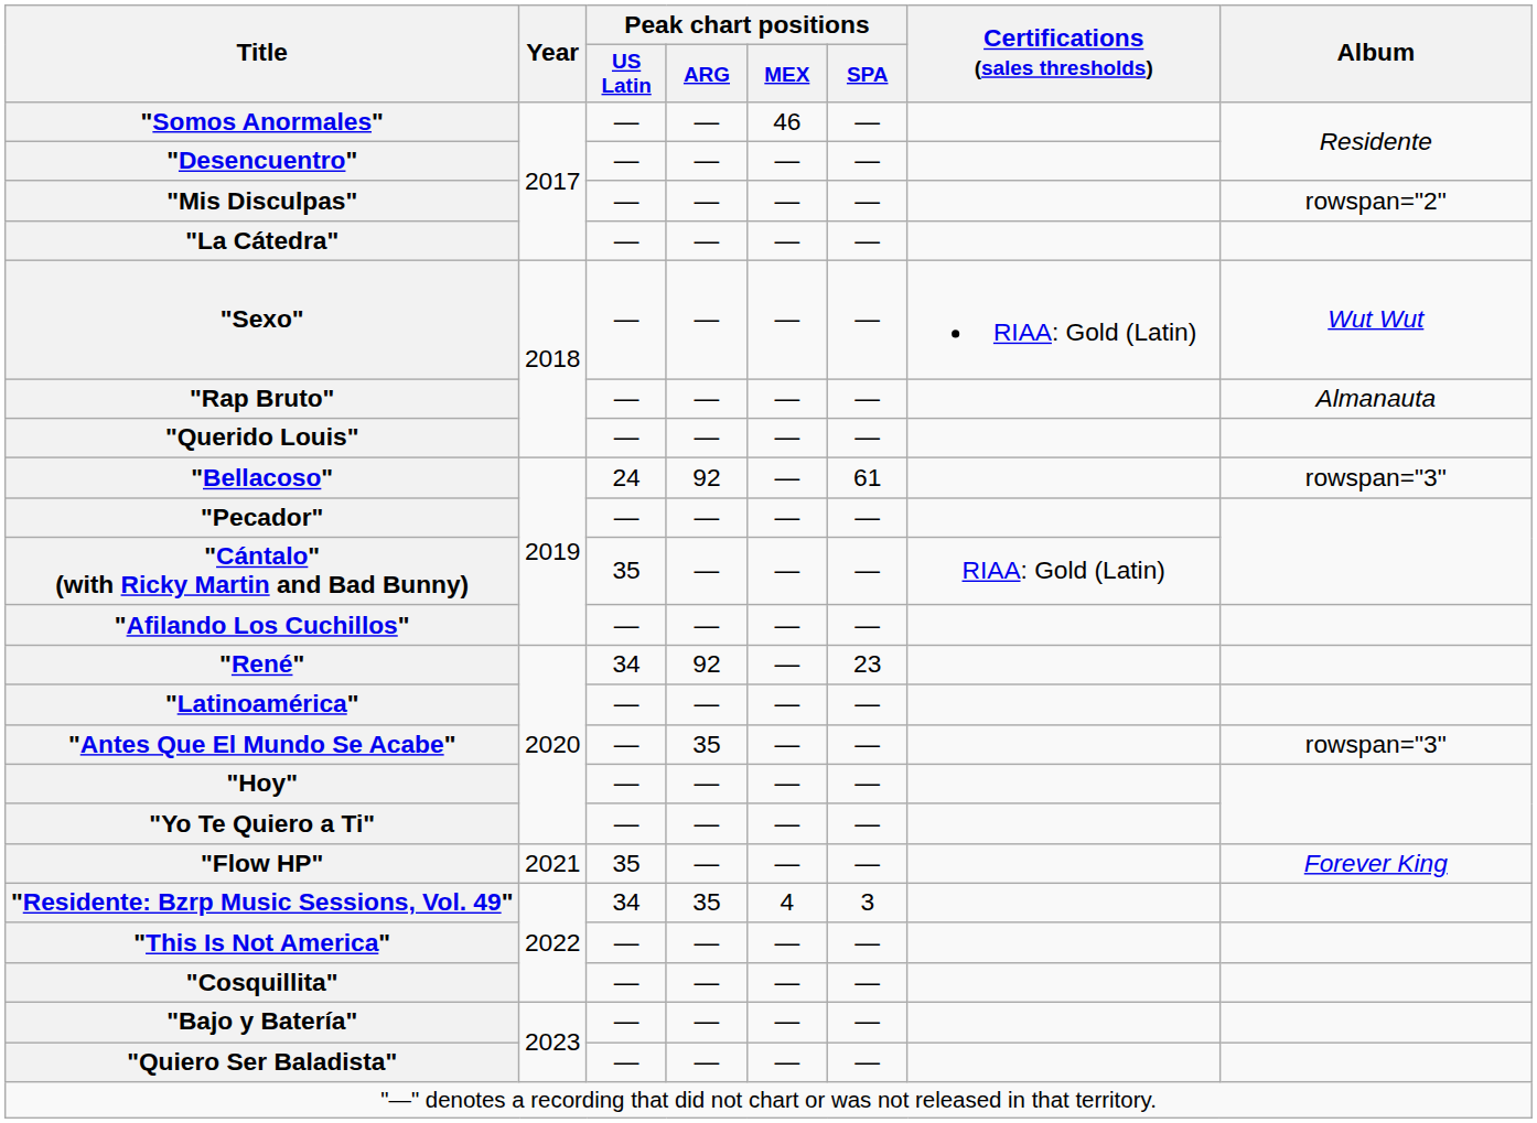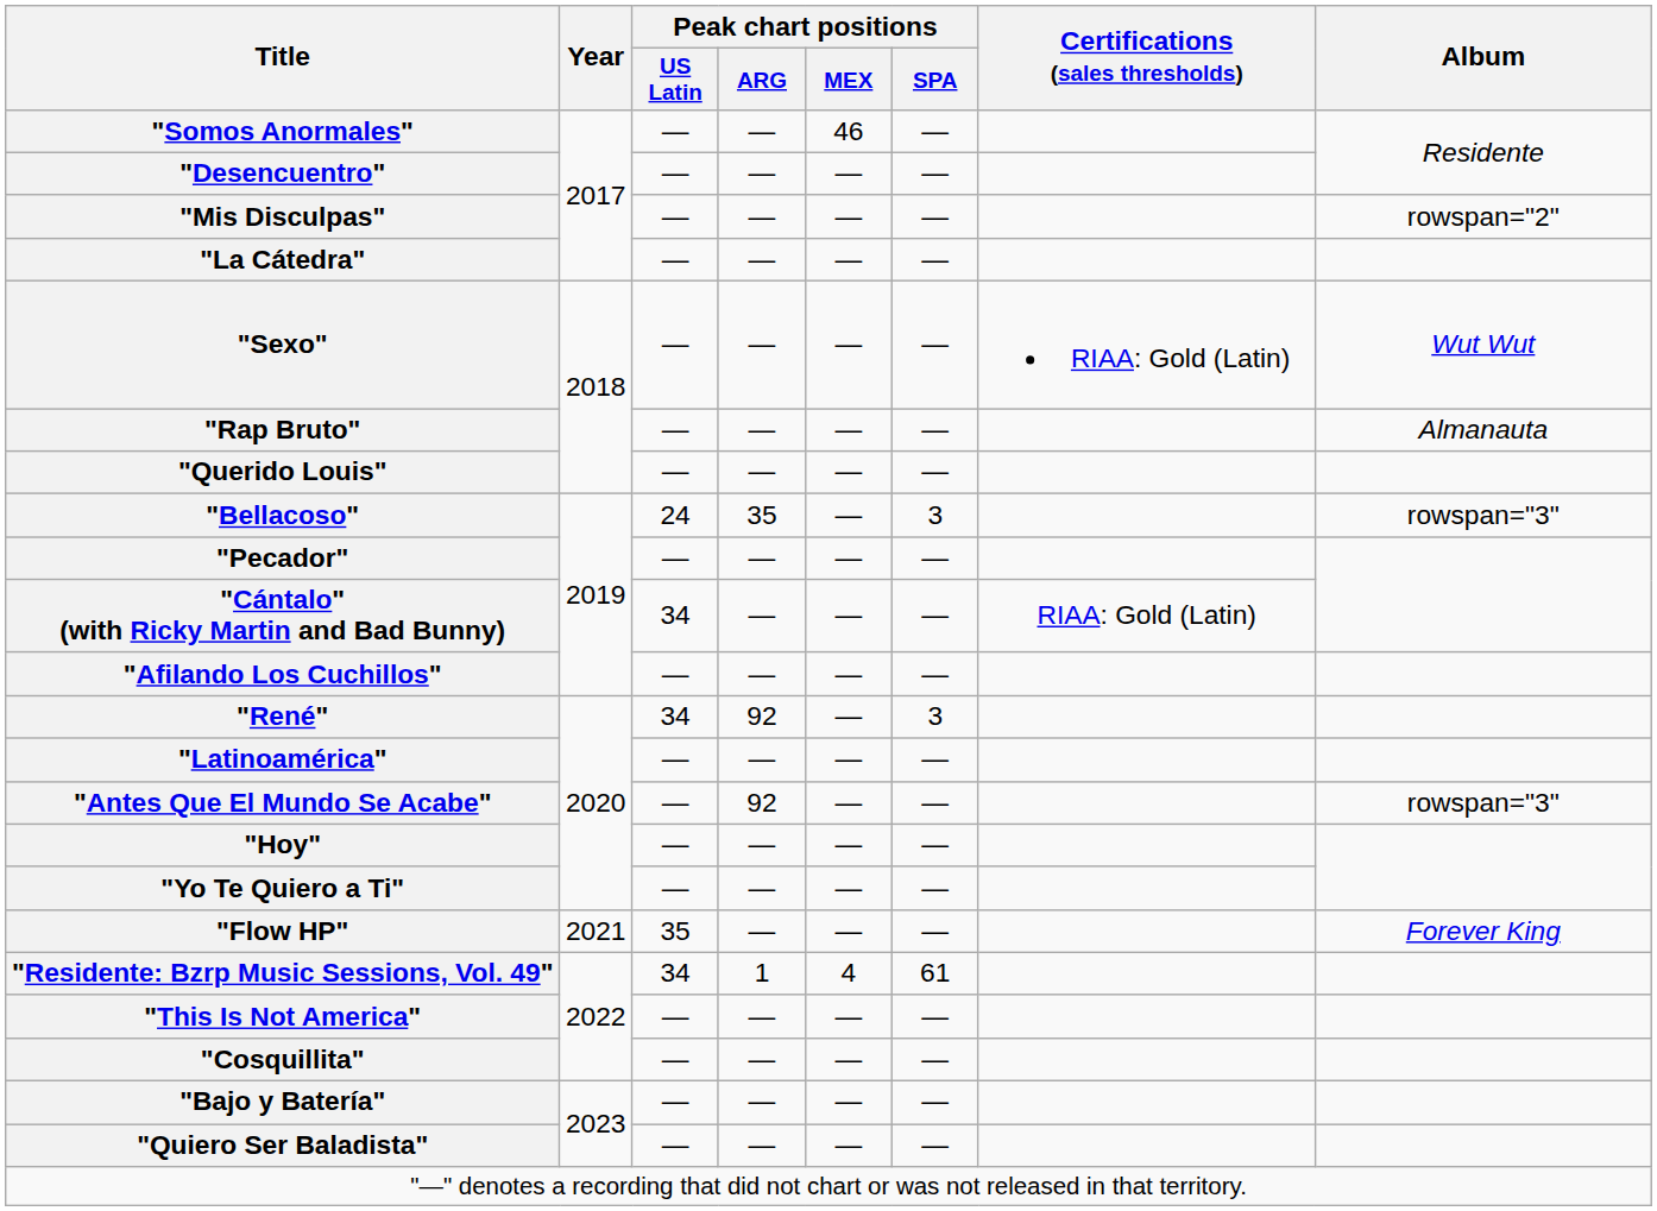 <table class="wikitable plainrowheaders" style="text-align:center;">
 <tr>
 <th rowspan="2" style="width:25,5em;">Title</th>
 <th rowspan="2" style="width:1em;">Year</th>
 <th colspan="4" style="width:2em;">Peak chart positions</th>
 <th scope="col" rowspan="2" style="width:12em;"><a href='#'>Certifications</a><br><small>(<a href='#'>sales thresholds</a>)</small></th>
 <th rowspan="2" style="width:12em;">Album</th>
 </tr>
 <tr style="font-size:smaller;">
 <th scope="col" style="width:45px;"><a href='#'>US<br>Latin</a><br></th>
 <th scope="col" style="width:45px;"><a href='#'>ARG</a><br></th>
 <th scope="col" style="width:45px;"><a href='#'>MEX</a><br></th>
 <th scope="col" style="width:45px;"><a href='#'>SPA</a><br></th>
 </tr>
 <tr>
 <th scope="row">"<a href='#'>Somos Anormales</a>"</th>
 <td rowspan="4">2017</td>
 <td>—</td>
 <td>—</td>
 <td>46</td>
 <td>—</td>
 <td></td>
 <td rowspan="2"><em>Residente</em></td>
 </tr>
 <tr>
 <th scope="row">"<a href='#'>Desencuentro</a>"<br></th>
 <td>—</td>
 <td>—</td>
 <td>—</td>
 <td>—</td>
 <td></td>
 </tr>
 <tr>
 <th scope="row">"Mis Disculpas"</th>
 <td>—</td>
 <td>—</td>
 <td>—</td>
 <td>—</td>
 <td></td>
 <td>rowspan="2" </td>
 </tr>
 <tr>
 <th scope="row">"La Cátedra"</th>
 <td>—</td>
 <td>—</td>
 <td>—</td>
 <td>—</td>
 <td></td>
 </tr>
 <tr>
 <th scope="row">"Sexo"<br></th>
 <td rowspan="3">2018</td>
 <td>—</td>
 <td>—</td>
 <td>—</td>
 <td>—</td>
 <td><br><ul><li><a href='#'>RIAA</a>: Gold (Latin)</li></ul></td>
 <td><em><a href='#'>Wut Wut</a></em></td>
 </tr>
 <tr>
 <th scope="row">"Rap Bruto"<br></th>
 <td>—</td>
 <td>—</td>
 <td>—</td>
 <td>—</td>
 <td></td>
 <td><em>Almanauta</em></td>
 </tr>
 <tr>
 <th scope="row">"Querido Louis"<br></th>
 <td>—</td>
 <td>—</td>
 <td>—</td>
 <td>—</td>
 <td></td>
 <td></td>
 </tr>
 <tr>
 <th scope="row">"<a href='#'>Bellacoso</a>"<br></th>
 <td rowspan="4">2019</td>
 <td>24</td>
-<td>92</td>
+<td>35</td>
 <td>—</td>
-<td>61</td>
+<td>3<br></td>
 <td></td>
 <td>rowspan="3" </td>
 </tr>
 <tr>
 <th scope="row">"Pecador"</th>
 <td>—</td>
 <td>—</td>
 <td>—</td>
 <td>—</td>
 <td></td>
 </tr>
 <tr>
 <th scope="row">"<a href='#'>Cántalo</a>"<br><span>(with <a href='#'>Ricky Martin</a> and Bad Bunny)</span></th>
-<td>35</td>
+<td>34</td>
 <td>—</td>
 <td>—</td>
 <td>—</td>
 <td><a href='#'>RIAA</a>: Gold (Latin)</td>
 </tr>
 <tr>
 <th scope="row">"<a href='#'>Afilando Los Cuchillos</a>"<br></th>
 <td>—</td>
 <td>—</td>
 <td>—</td>
 <td>—</td>
 <td></td>
 <td></td>
 </tr>
 <tr>
 <th scope="row">"<a href='#'>René</a>"</th>
 <td rowspan="5">2020</td>
 <td>34</td>
 <td>92</td>
 <td>—</td>
-<td>23<br></td>
+<td>3<br></td>
 <td></td>
 <td></td>
 </tr>
 <tr>
 <th scope="row">"<a href='#'>Latinoamérica</a>"<br></th>
 <td>—</td>
 <td>—</td>
 <td>—</td>
 <td>—</td>
 <td></td>
 <td></td>
 </tr>
 <tr>
 <th scope="row">"<a href='#'>Antes Que El Mundo Se Acabe</a>"</th>
 <td>—</td>
-<td>35</td>
+<td>92</td>
 <td>—</td>
 <td>—</td>
 <td></td>
 <td>rowspan="3" </td>
 </tr>
 <tr>
 <th scope="row">"Hoy"</th>
 <td>—</td>
 <td>—</td>
 <td>—</td>
 <td>—</td>
 <td></td>
 </tr>
 <tr>
 <th scope="row">"Yo Te Quiero a Ti"</th>
 <td>—</td>
 <td>—</td>
 <td>—</td>
 <td>—</td>
 <td></td>
 </tr>
 <tr>
 <th scope="row">"Flow HP"<br></th>
 <td>2021</td>
 <td>35</td>
 <td>—</td>
 <td>—</td>
 <td>—</td>
 <td></td>
 <td><em><a href='#'>Forever King</a></em></td>
 </tr>
 <tr>
 <th scope="row">"<a href='#'>Residente: Bzrp Music Sessions, Vol. 49</a>"<br></th>
 <td rowspan="3">2022</td>
 <td>34</td>
-<td>35</td>
+<td>1</td>
 <td>4<br></td>
-<td>3<br></td>
+<td>61</td>
 <td></td>
 <td></td>
 </tr>
 <tr>
 <th scope="row">"<a href='#'>This Is Not America</a>"<br></th>
 <td>—</td>
 <td>—</td>
 <td>—</td>
 <td>—</td>
 <td></td>
 <td></td>
 </tr>
 <tr>
 <th scope="row">"Cosquillita"</th>
 <td>—</td>
 <td>—</td>
 <td>—</td>
 <td>—</td>
 <td></td>
 <td></td>
 </tr>
 <tr>
 <th scope="row">"Bajo y Batería"</th>
 <td rowspan="2">2023</td>
 <td>—</td>
 <td>—</td>
 <td>—</td>
 <td>—</td>
 <td></td>
 <td></td>
 </tr>
 <tr>
 <th scope="row">"Quiero Ser Baladista"</th>
 <td>—</td>
 <td>—</td>
 <td>—</td>
 <td>—</td>
 <td></td>
 <td></td>
 </tr>
 <tr>
 <td colspan="8" style="font-size:90%">"—" denotes a recording that did not chart or was not released in that territory.</td>
 </tr>
 </table>
